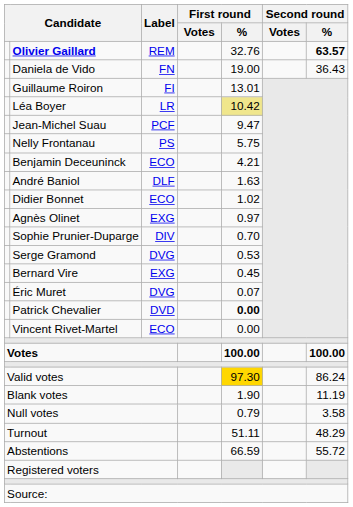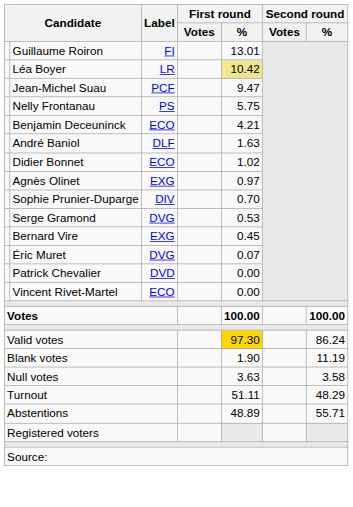 <table class="wikitable" style="text-align:right;font-size:95%;">
 <tr>
 <th rowspan="2" colspan="2">Candidate</th>
 <th rowspan="2">Label</th>
 <th colspan="2">First round</th>
 <th colspan="2">Second round</th>
 </tr>
 <tr>
 <th style="width:50px;">Votes</th>
 <th style="width:45px;">%</th>
 <th style="width:50px;">Votes</th>
 <th style="width:45px;">%</th>
-</tr>
-<tr>
-<td style="color:inherit;background:"></td>
-<td style="text-align:left;"><strong><a href='#'>Olivier Gaillard</a></strong></td>
-<td><a href='#'>REM</a></td>
-<td></td>
-<td>32.76</td>
-<td><strong></strong></td>
-<td><strong>63.57</strong></td>
-</tr>
-<tr>
-<td style="color:inherit;background:"></td>
-<td style="text-align:left;">Daniela de Vido</td>
-<td><a href='#'>FN</a></td>
-<td></td>
-<td>19.00</td>
-<td></td>
-<td>36.43</td>
 </tr>
 <tr>
 <td style="color:inherit;background:"></td>
 <td style="text-align:left;">Guillaume Roiron</td>
 <td><a href='#'>FI</a></td>
 <td></td>
 <td>13.01</td>
 <td colspan="2" rowspan="14" style="background:#E9E9E9;"></td>
 </tr>
 <tr>
 <td style="color:inherit;background:"></td>
 <td style="text-align:left;">Léa Boyer</td>
 <td><a href='#'>LR</a></td>
 <td></td>
 <td style="background: khaki;">10.42</td>
 </tr>
 <tr>
 <td style="color:inherit;background:"></td>
 <td style="text-align:left;">Jean-Michel Suau</td>
 <td><a href='#'>PCF</a></td>
 <td></td>
 <td>9.47</td>
 </tr>
 <tr>
 <td style="color:inherit;background:"></td>
 <td style="text-align:left;">Nelly Frontanau</td>
 <td><a href='#'>PS</a></td>
 <td></td>
 <td>5.75</td>
 </tr>
 <tr>
 <td style="color:inherit;background:"></td>
 <td style="text-align:left;">Benjamin Deceuninck</td>
 <td><a href='#'>ECO</a></td>
 <td></td>
 <td>4.21</td>
 </tr>
 <tr>
 <td style="color:inherit;background:"></td>
 <td style="text-align:left;">André Baniol</td>
 <td><a href='#'>DLF</a></td>
 <td></td>
 <td>1.63</td>
 </tr>
 <tr>
 <td style="color:inherit;background:"></td>
 <td style="text-align:left;">Didier Bonnet</td>
 <td><a href='#'>ECO</a></td>
 <td></td>
 <td>1.02</td>
 </tr>
 <tr>
 <td style="color:inherit;background:"></td>
 <td style="text-align:left;">Agnès Olinet</td>
 <td><a href='#'>EXG</a></td>
 <td></td>
 <td>0.97</td>
 </tr>
 <tr>
 <td style="color:inherit;background:"></td>
 <td style="text-align:left;">Sophie Prunier-Duparge</td>
 <td><a href='#'>DIV</a></td>
 <td></td>
 <td>0.70</td>
 </tr>
 <tr>
 <td style="color:inherit;background:"></td>
 <td style="text-align:left;">Serge Gramond</td>
 <td><a href='#'>DVG</a></td>
 <td></td>
 <td>0.53</td>
 </tr>
 <tr>
 <td style="color:inherit;background:"></td>
 <td style="text-align:left;">Bernard Vire</td>
 <td><a href='#'>EXG</a></td>
 <td></td>
 <td>0.45</td>
 </tr>
 <tr>
 <td style="color:inherit;background:"></td>
 <td style="text-align:left;">Éric Muret</td>
 <td><a href='#'>DVG</a></td>
 <td></td>
 <td>0.07</td>
 </tr>
 <tr>
 <td style="color:inherit;background:"></td>
 <td style="text-align:left;">Patrick Chevalier</td>
 <td><a href='#'>DVD</a></td>
 <td></td>
-<td><strong>0.00</strong></td>
+<td>0.00</td>
 </tr>
 <tr>
 <td style="color:inherit;background:"></td>
 <td style="text-align:left;">Vincent Rivet-Martel</td>
 <td><a href='#'>ECO</a></td>
 <td></td>
 <td>0.00</td>
 </tr>
 <tr>
 <td colspan="7" style="background:#E9E9E9;"></td>
 </tr>
 <tr style="font-weight:bold;">
 <td colspan="3" style="text-align:left;">Votes</td>
 <td></td>
 <td>100.00</td>
 <td></td>
 <td>100.00</td>
 </tr>
 <tr>
 <td colspan="7" style="background:#E9E9E9;"></td>
 </tr>
 <tr>
 <td colspan="3" style="text-align:left;">Valid votes</td>
 <td></td>
 <td style="background: gold;">97.30</td>
 <td></td>
 <td>86.24</td>
 </tr>
 <tr>
 <td colspan="3" style="text-align:left;">Blank votes</td>
 <td></td>
 <td>1.90</td>
 <td></td>
 <td>11.19</td>
 </tr>
 <tr>
 <td colspan="3" style="text-align:left;">Null votes</td>
 <td></td>
-<td>0.79</td>
+<td>3.63</td>
 <td></td>
 <td>3.58</td>
 </tr>
 <tr>
 <td colspan="3" style="text-align:left;">Turnout</td>
 <td></td>
 <td>51.11</td>
 <td></td>
 <td>48.29</td>
 </tr>
 <tr>
 <td colspan="3" style="text-align:left;">Abstentions</td>
 <td></td>
-<td>66.59</td>
+<td>48.89</td>
 <td></td>
-<td>55.72</td>
+<td>55.71</td>
 </tr>
 <tr>
 <td colspan="3" style="text-align:left;">Registered voters</td>
 <td></td>
 <td style="color:inherit;background:#E9E9E9;"></td>
 <td></td>
 <td style="color:inherit;background:#E9E9E9;"></td>
 </tr>
 <tr>
 <td colspan="7" style="background:#E9E9E9;"></td>
 </tr>
 <tr>
 <td colspan="7" style="text-align:left;">Source: </td>
 </tr>
 </table>
